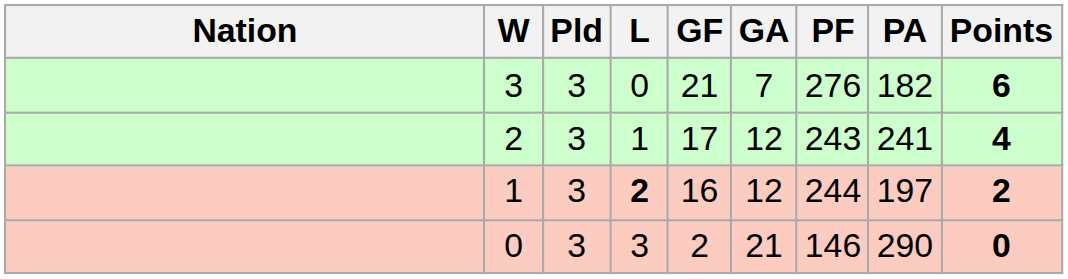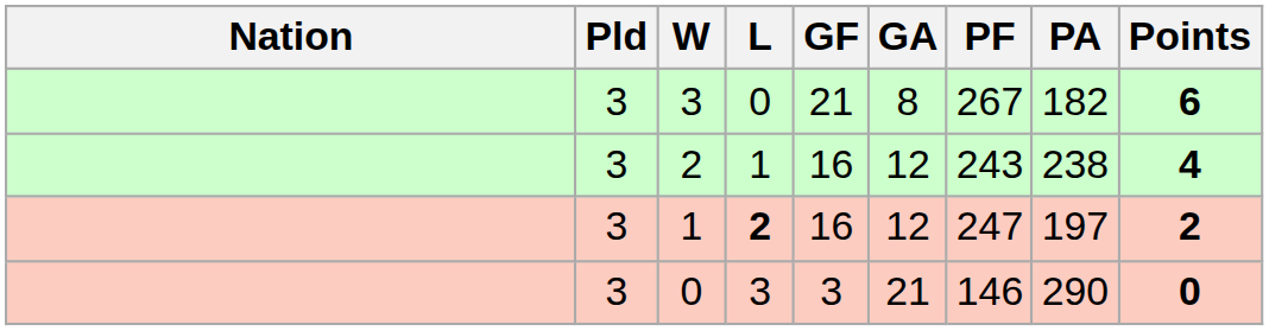 <table class=wikitable style="text-align:center">
 <tr>
 <th width=220>Nation</th>
+<th width=20>Pld</th>
 <th width=20>W</th>
-<th width=20>Pld</th>
 <th width=20>L</th>
 <th width=20>GF</th>
 <th width=20>GA</th>
 <th width=20>PF</th>
 <th width=20>PA</th>
 <th width=50>Points</th>
 </tr>
 <tr bgcolor="#ccffcc">
 <td align=left></td>
 <td>3</td>
 <td>3</td>
 <td>0</td>
 <td>21</td>
-<td>7</td>
-<td>276</td>
+<td>8</td>
+<td>267</td>
 <td>182</td>
 <td><strong>6</strong></td>
 </tr>
 <tr bgcolor="#ccffcc">
 <td align=left></td>
+<td>3</td>
 <td>2</td>
-<td>3</td>
 <td>1</td>
-<td>17</td>
+<td>16</td>
 <td>12</td>
 <td>243</td>
-<td>241</td>
+<td>238</td>
 <td><strong>4</strong></td>
 </tr>
 <tr bgcolor="#fcccc">
 <td align=left></td>
+<td>3</td>
 <td>1</td>
-<td>3</td>
 <td><strong>2</strong></td>
 <td>16</td>
 <td>12</td>
-<td>244</td>
+<td>247</td>
 <td>197</td>
 <td><strong>2</strong></td>
 </tr>
 <tr bgcolor="#fcccc">
 <td align=left></td>
+<td>3</td>
 <td>0</td>
 <td>3</td>
 <td>3</td>
-<td>2</td>
 <td>21</td>
 <td>146</td>
 <td>290</td>
 <td><strong>0</strong></td>
 </tr>
 </table>
